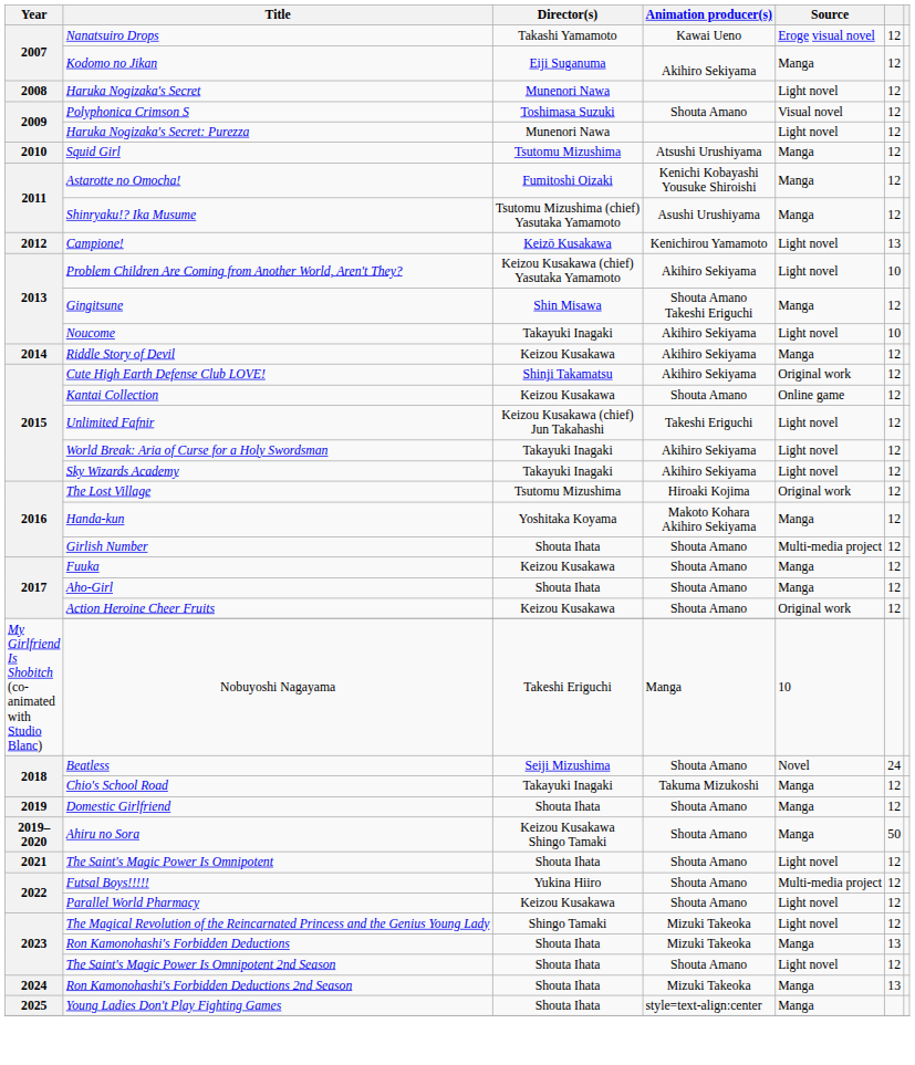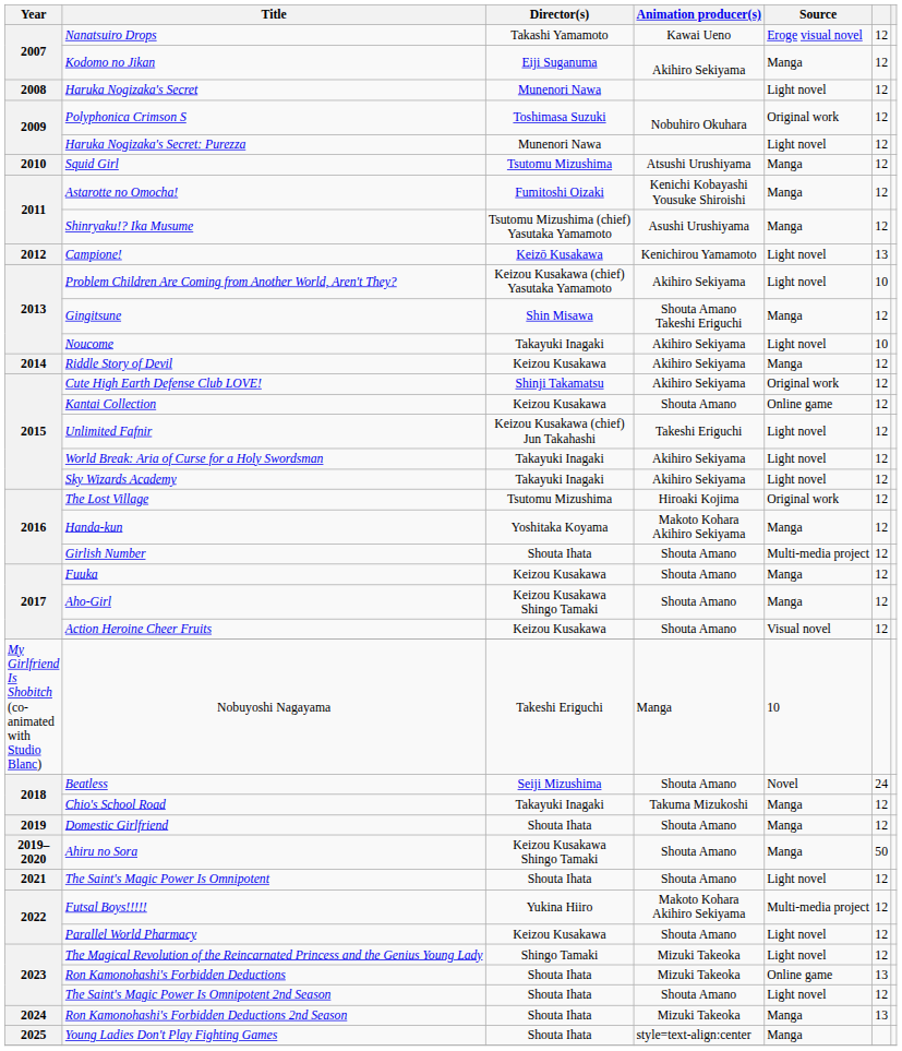 <table class="wikitable sortable plainrowheaders">
 <tr>
 <th scope="col" class="unsortable" width=10>Year</th>
 <th scope="col">Title</th>
 <th scope="col">Director(s)</th>
 <th scope="col"><a href='#'>Animation producer(s)</a></th>
 <th scope="col">Source</th>
 <th scope="col"></th>
 <th scope="col" class="unsortable"></th>
 </tr>
 <tr>
 <th scope="row" rowspan="2">2007</th>
 <td><em><a href='#'>Nanatsuiro Drops</a></em></td>
 <td style=text-align:center>Takashi Yamamoto</td>
 <td style=text-align:center>Kawai Ueno</td>
 <td><a href='#'>Eroge</a> <a href='#'>visual novel</a></td>
 <td>12</td>
 <td></td>
 </tr>
 <tr>
 <td><em><a href='#'>Kodomo no Jikan</a></em></td>
 <td style=text-align:center><a href='#'>Eiji Suganuma</a></td>
 <td style=text-align:center><br>Akihiro Sekiyama</td>
 <td>Manga</td>
 <td>12</td>
 <td></td>
 </tr>
 <tr>
 <th scope="row">2008</th>
 <td><em><a href='#'>Haruka Nogizaka's Secret</a></em></td>
 <td style=text-align:center><a href='#'>Munenori Nawa</a></td>
 <td></td>
 <td>Light novel</td>
 <td>12</td>
 <td></td>
 </tr>
 <tr>
 <th scope="row" rowspan="2">2009</th>
 <td><em><a href='#'>Polyphonica Crimson S</a></em></td>
 <td style=text-align:center><a href='#'>Toshimasa Suzuki</a></td>
-<td style=text-align:center>Shouta Amano</td>
-<td>Visual novel</td>
+<td style=text-align:center><br>Nobuhiro Okuhara</td>
+<td>Original work</td>
 <td>12</td>
 <td></td>
 </tr>
 <tr>
 <td><em><a href='#'>Haruka Nogizaka's Secret: Purezza</a></em></td>
 <td style=text-align:center>Munenori Nawa</td>
 <td></td>
 <td>Light novel</td>
 <td>12</td>
 <td></td>
 </tr>
 <tr>
 <th scope="row">2010</th>
 <td><em><a href='#'>Squid Girl</a></em></td>
 <td style=text-align:center><a href='#'>Tsutomu Mizushima</a></td>
 <td style=text-align:center>Atsushi Urushiyama</td>
 <td>Manga</td>
 <td>12</td>
 <td></td>
 </tr>
 <tr>
 <th scope="row" rowspan="2">2011</th>
 <td><em><a href='#'>Astarotte no Omocha!</a></em></td>
 <td style=text-align:center><a href='#'>Fumitoshi Oizaki</a></td>
 <td style=text-align:center>Kenichi Kobayashi<br>Yousuke Shiroishi</td>
 <td>Manga</td>
 <td>12</td>
 <td></td>
 </tr>
 <tr>
 <td><em><a href='#'>Shinryaku!? Ika Musume</a></em></td>
 <td style=text-align:center>Tsutomu Mizushima (chief)<br> Yasutaka Yamamoto</td>
 <td style=text-align:center>Asushi Urushiyama</td>
 <td>Manga</td>
 <td>12</td>
 <td></td>
 </tr>
 <tr>
 <th scope="row">2012</th>
 <td><em><a href='#'>Campione!</a></em></td>
 <td style=text-align:center><a href='#'>Keizō Kusakawa</a></td>
 <td style=text-align:center>Kenichirou Yamamoto</td>
 <td>Light novel</td>
 <td>13</td>
 <td></td>
 </tr>
 <tr>
 <th scope="row" rowspan="3">2013</th>
 <td><em><a href='#'>Problem Children Are Coming from Another World, Aren't They?</a></em></td>
 <td style=text-align:center>Keizou Kusakawa (chief)<br> Yasutaka Yamamoto</td>
 <td style=text-align:center>Akihiro Sekiyama</td>
 <td>Light novel</td>
 <td>10</td>
 <td></td>
 </tr>
 <tr>
 <td><em><a href='#'>Gingitsune</a></em></td>
 <td style=text-align:center><a href='#'>Shin Misawa</a></td>
 <td style=text-align:center>Shouta Amano<br>Takeshi Eriguchi</td>
 <td>Manga</td>
 <td>12</td>
 <td></td>
 </tr>
 <tr>
 <td><em><a href='#'>Noucome</a></em></td>
 <td style=text-align:center>Takayuki Inagaki</td>
 <td style=text-align:center>Akihiro Sekiyama</td>
 <td>Light novel</td>
 <td>10</td>
 <td></td>
 </tr>
 <tr>
 <th scope="row">2014</th>
 <td><em><a href='#'>Riddle Story of Devil</a></em></td>
 <td style=text-align:center>Keizou Kusakawa</td>
 <td style=text-align:center>Akihiro Sekiyama</td>
 <td>Manga</td>
 <td>12</td>
 <td></td>
 </tr>
 <tr>
 <th scope="row" rowspan="5">2015</th>
 <td><em><a href='#'>Cute High Earth Defense Club LOVE!</a></em></td>
 <td style=text-align:center><a href='#'>Shinji Takamatsu</a></td>
 <td style=text-align:center>Akihiro Sekiyama</td>
 <td>Original work</td>
 <td>12</td>
 <td></td>
 </tr>
 <tr>
 <td><em><a href='#'>Kantai Collection</a></em></td>
 <td style=text-align:center>Keizou Kusakawa</td>
 <td style=text-align:center>Shouta Amano</td>
 <td>Online game</td>
 <td>12</td>
 <td></td>
 </tr>
 <tr>
 <td><em><a href='#'>Unlimited Fafnir</a></em></td>
 <td style=text-align:center>Keizou Kusakawa (chief)<br> Jun Takahashi</td>
 <td style=text-align:center>Takeshi Eriguchi</td>
 <td>Light novel</td>
 <td>12</td>
 <td></td>
 </tr>
 <tr>
 <td><em><a href='#'>World Break: Aria of Curse for a Holy Swordsman</a></em></td>
 <td style=text-align:center>Takayuki Inagaki</td>
 <td style=text-align:center>Akihiro Sekiyama</td>
 <td>Light novel</td>
 <td>12</td>
 <td></td>
 </tr>
 <tr>
 <td><em><a href='#'>Sky Wizards Academy</a></em></td>
 <td style=text-align:center>Takayuki Inagaki</td>
 <td style=text-align:center>Akihiro Sekiyama</td>
 <td>Light novel</td>
 <td>12</td>
 <td></td>
 </tr>
 <tr>
 <th scope="row" rowspan="3">2016</th>
 <td><em><a href='#'>The Lost Village</a></em></td>
 <td style=text-align:center>Tsutomu Mizushima</td>
 <td style=text-align:center>Hiroaki Kojima</td>
 <td>Original work</td>
 <td>12</td>
 <td></td>
 </tr>
 <tr>
 <td><em><a href='#'>Handa-kun</a></em></td>
 <td style=text-align:center>Yoshitaka Koyama</td>
 <td style=text-align:center>Makoto Kohara<br>Akihiro Sekiyama</td>
 <td>Manga</td>
 <td>12</td>
 <td></td>
 </tr>
 <tr>
 <td><em><a href='#'>Girlish Number</a></em></td>
 <td style=text-align:center>Shouta Ihata</td>
 <td style=text-align:center>Shouta Amano</td>
 <td>Multi-media project</td>
 <td>12</td>
 <td></td>
 </tr>
 <tr>
 <th scope="row" rowspan="4">2017</th>
 <td><em><a href='#'>Fuuka</a></em></td>
 <td style=text-align:center>Keizou Kusakawa</td>
 <td style=text-align:center>Shouta Amano</td>
 <td>Manga</td>
 <td>12</td>
 <td></td>
 </tr>
 <tr>
 <td><em><a href='#'>Aho-Girl</a></em></td>
-<td style=text-align:center>Shouta Ihata</td>
+<td style=text-align:center>Keizou Kusakawa <br> Shingo Tamaki</td>
 <td style=text-align:center>Shouta Amano</td>
 <td>Manga</td>
 <td>12</td>
 <td></td>
 </tr>
 <tr>
 <td><em><a href='#'>Action Heroine Cheer Fruits</a></em></td>
 <td style=text-align:center>Keizou Kusakawa</td>
 <td style=text-align:center>Shouta Amano</td>
-<td>Original work</td>
+<td>Visual novel</td>
 <td>12</td>
 <td></td>
 </tr>
 <tr>
 </tr>
 <tr>
 <td><em><a href='#'>My Girlfriend Is Shobitch</a></em> (co-animated with <a href='#'>Studio Blanc</a>)</td>
 <td style=text-align:center>Nobuyoshi Nagayama</td>
 <td style=text-align:center>Takeshi Eriguchi</td>
 <td>Manga</td>
 <td>10</td>
 <td></td>
 </tr>
 <tr>
 <th scope="row" rowspan="2">2018</th>
 <td><em><a href='#'>Beatless</a></em></td>
 <td style=text-align:center><a href='#'>Seiji Mizushima</a></td>
 <td style=text-align:center>Shouta Amano</td>
 <td>Novel</td>
 <td>24</td>
 <td></td>
 </tr>
 <tr>
 <td><em><a href='#'>Chio's School Road</a></em></td>
 <td style=text-align:center>Takayuki Inagaki</td>
 <td style=text-align:center>Takuma Mizukoshi</td>
 <td>Manga</td>
 <td>12</td>
 <td></td>
 </tr>
 <tr>
 <th scope="row">2019</th>
 <td><em><a href='#'>Domestic Girlfriend</a></em></td>
 <td style=text-align:center>Shouta Ihata</td>
 <td style=text-align:center>Shouta Amano</td>
 <td>Manga</td>
 <td>12</td>
 <td></td>
 </tr>
 <tr>
 <th scope="row">2019–2020</th>
 <td><em><a href='#'>Ahiru no Sora</a></em></td>
 <td style=text-align:center>Keizou Kusakawa <br> Shingo Tamaki</td>
 <td style=text-align:center>Shouta Amano</td>
 <td>Manga</td>
 <td>50</td>
 <td></td>
 </tr>
 <tr>
 <th scope="row">2021</th>
 <td><em><a href='#'>The Saint's Magic Power Is Omnipotent</a></em></td>
 <td style=text-align:center>Shouta Ihata</td>
 <td style=text-align:center>Shouta Amano</td>
 <td>Light novel</td>
 <td>12</td>
 <td></td>
 </tr>
 <tr>
 <th scope="row" rowspan="2">2022</th>
 <td><em><a href='#'>Futsal Boys!!!!!</a></em></td>
 <td style=text-align:center>Yukina Hiiro</td>
-<td style=text-align:center>Shouta Amano</td>
+<td style=text-align:center>Makoto Kohara<br>Akihiro Sekiyama</td>
 <td>Multi-media project</td>
 <td>12</td>
 <td></td>
 </tr>
 <tr>
 <td><em><a href='#'>Parallel World Pharmacy</a></em></td>
 <td style=text-align:center>Keizou Kusakawa</td>
 <td style=text-align:center>Shouta Amano</td>
 <td>Light novel</td>
 <td>12</td>
 <td></td>
 </tr>
 <tr>
 <th scope="row" rowspan="3">2023</th>
 <td><em><a href='#'>The Magical Revolution of the Reincarnated Princess and the Genius Young Lady</a></em></td>
 <td style=text-align:center>Shingo Tamaki</td>
 <td style=text-align:center>Mizuki Takeoka</td>
 <td>Light novel</td>
 <td>12</td>
 <td></td>
 </tr>
 <tr>
 <td><em><a href='#'>Ron Kamonohashi's Forbidden Deductions</a></em></td>
 <td style=text-align:center>Shouta Ihata</td>
 <td style=text-align:center>Mizuki Takeoka</td>
-<td>Manga</td>
+<td>Online game</td>
 <td>13</td>
 <td></td>
 </tr>
 <tr>
 <td><em><a href='#'>The Saint's Magic Power Is Omnipotent 2nd Season</a></em></td>
 <td style=text-align:center>Shouta Ihata</td>
 <td style=text-align:center>Shouta Amano</td>
 <td>Light novel</td>
 <td>12</td>
 <td></td>
 </tr>
 <tr>
 <th scope="row">2024</th>
 <td><em><a href='#'>Ron Kamonohashi's Forbidden Deductions 2nd Season</a></em></td>
 <td style=text-align:center>Shouta Ihata</td>
 <td style=text-align:center>Mizuki Takeoka</td>
 <td>Manga</td>
 <td>13</td>
 <td></td>
 </tr>
 <tr>
 <th scope="row">2025</th>
 <td><em><a href='#'>Young Ladies Don't Play Fighting Games</a></em></td>
 <td style=text-align:center>Shouta Ihata</td>
 <td>style=text-align:center </td>
 <td>Manga</td>
 <td></td>
 <td></td>
 </tr>
 <tr>
 </tr>
 </table>
